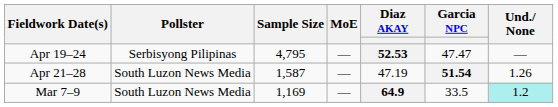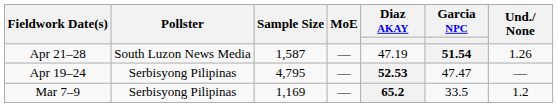 <table class="wikitable" style="text-align:center;font-size:85%;line-height:14px">
 <tr>
 <th rowspan="2">Fieldwork Date(s)</th>
 <th rowspan="2">Pollster</th>
 <th rowspan="2">Sample Size</th>
 <th rowspan="2">MoE</th>
 <th style="width:60px;">Diaz<br><small><a href='#'>AKAY</a></small></th>
 <th style="width:60px;">Garcia<br><small><a href='#'>NPC</a></small></th>
 <th rowspan="2" style="width:60px;">Und./<br>None</th>
 </tr>
 <tr>
 <th style="background:"></th>
 <th style="background:"></th>
 </tr>
 <tr>
+<td>Apr 21–28</td>
+<td>South Luzon News Media</td>
+<td>1,587</td>
+<td>—</td>
+<td>47.19</td>
+<th style="background-color:#"><strong>51.54</strong></th>
+<td>1.26</td>
+</tr>
+<tr>
 <td>Apr 19–24</td>
 <td>Serbisyong Pilipinas</td>
 <td>4,795</td>
 <td>—</td>
 <th style="background-color:#"><strong>52.53</strong></th>
 <td>47.47</td>
 <td>—</td>
 </tr>
 <tr>
-<td>Apr 21–28</td>
-<td>South Luzon News Media</td>
-<td>1,587</td>
-<td>—</td>
-<td>47.19</td>
-<th style="background-color:#"><strong>51.54</strong></th>
-<td>1.26</td>
-</tr>
-<tr>
 <td>Mar 7–9</td>
-<td>South Luzon News Media</td>
+<td>Serbisyong Pilipinas</td>
 <td>1,169</td>
 <td>—</td>
-<th style="background-color:#"><strong>64.9</strong></th>
+<th style="background-color:#"><strong>65.2</strong></th>
 <td>33.5</td>
-<td style="background: paleturquoise;">1.2</td>
+<td>1.2</td>
 </tr>
 </table>
